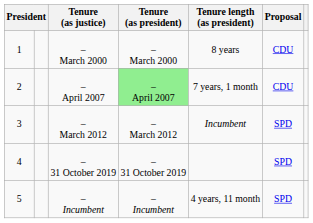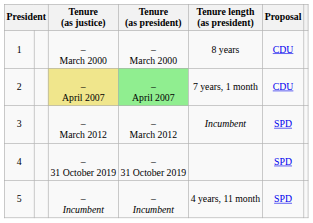 <table class="wikitable sortable" style="text-align: center;">
 <tr>
 <th colspan="2" scope="col">President</th>
 <th scope="col">Tenure<br>(as justice)</th>
 <th scope="col">Tenure<br>(as president)</th>
 <th scope="col">Tenure length<br>(as president)</th>
 <th scope="col">Proposal</th>
 <th scope="col" class="unsortable"><strong></strong></th>
 </tr>
 <tr>
 <td>1</td>
 <td></td>
 <td><br>–<br>March 2000</td>
 <td><br>–<br>March 2000</td>
 <td>8 years</td>
 <td data-sort-value="CDU"><a href='#'>CDU</a></td>
 <td></td>
 </tr>
 <tr>
 <td>2</td>
 <td></td>
-<td><br>–<br>April 2007</td>
+<td style="background: khaki;"><br>–<br>April 2007</td>
 <td style="background: lightgreen;"><br>–<br>April 2007</td>
 <td>7 years, 1 month</td>
 <td><a href='#'>CDU</a></td>
 <td></td>
 </tr>
 <tr>
 <td>3</td>
 <td></td>
 <td><br>–<br>March 2012</td>
 <td><br>–<br>March 2012</td>
 <td><em>Incumbent</em></td>
 <td><a href='#'>SPD</a></td>
 <td></td>
 </tr>
 <tr>
 <td>4</td>
 <td></td>
 <td><br>–<br>31 October 2019</td>
 <td><br>–<br>31 October 2019</td>
 <td></td>
 <td><a href='#'>SPD</a></td>
 <td></td>
 </tr>
 <tr>
 <td>5</td>
 <td></td>
 <td><br>–<br><em>Incumbent</em></td>
 <td><br>–<br><em>Incumbent</em></td>
 <td>4 years, 11 month</td>
 <td><a href='#'>SPD</a></td>
 <td></td>
 </tr>
 </table>
